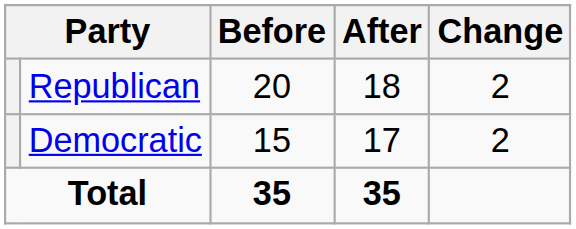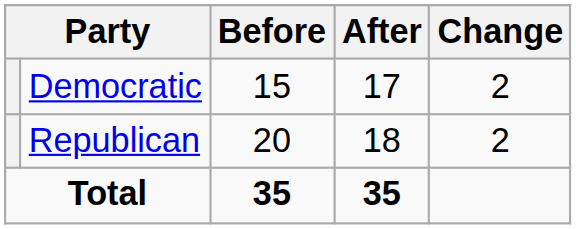 <table class="wikitable" style="text-align:center;">
 <tr>
 </tr>
 <tr>
 <th colspan=2>Party</th>
 <th>Before</th>
 <th>After</th>
 <th>Change</th>
 </tr>
 <tr>
 <th style="background-color:"></th>
-<td style="text-align:left;"><a href='#'>Republican</a></td>
-<td>20</td>
-<td>18</td>
+<td style="text-align:left;"><a href='#'>Democratic</a></td>
+<td>15</td>
+<td>17</td>
 <td> 2</td>
 </tr>
 <tr>
 <th style="background-color:"></th>
-<td style="text-align:left;"><a href='#'>Democratic</a></td>
-<td>15</td>
-<td>17</td>
+<td style="text-align:left;"><a href='#'>Republican</a></td>
+<td>20</td>
+<td>18</td>
 <td> 2</td>
 </tr>
 <tr>
 <td colspan=2><strong>Total</strong></td>
 <td><strong>35</strong></td>
 <td><strong>35</strong></td>
 <td></td>
 </tr>
 </table>
